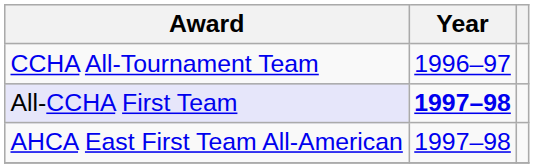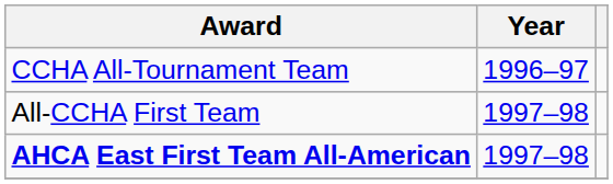 <table class="wikitable">
 <tr>
 <th>Award</th>
 <th>Year</th>
 <th></th>
 </tr>
 <tr>
 <td><a href='#'>CCHA</a> <a href='#'>All-Tournament Team</a></td>
 <td><a href='#'>1996–97</a></td>
 <td></td>
 </tr>
 <tr>
-<td style="background: lavender;">All-<a href='#'>CCHA</a> <a href='#'>First Team</a></td>
-<td><strong><a href='#'>1997–98</a></strong></td>
+<td>All-<a href='#'>CCHA</a> <a href='#'>First Team</a></td>
+<td><a href='#'>1997–98</a></td>
 <td></td>
 </tr>
 <tr>
-<td><a href='#'>AHCA</a> <a href='#'>East First Team All-American</a></td>
+<td><strong><a href='#'>AHCA</a> <a href='#'>East First Team All-American</a></strong></td>
 <td><a href='#'>1997–98</a></td>
 <td></td>
 </tr>
 <tr>
 </tr>
 </table>
